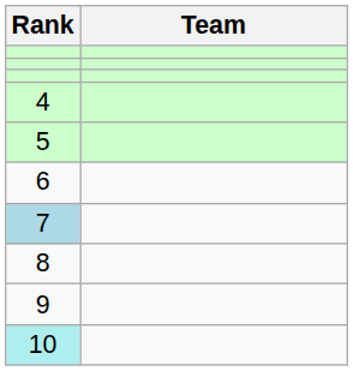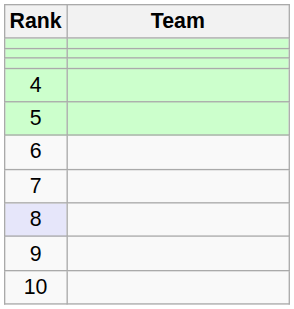 <table class=wikitable style="text-align:center;">
 <tr>
 <th>Rank</th>
 <th width=160>Team</th>
 </tr>
 <tr bgcolor=#CCFFCC>
 <td></td>
 <td align=left></td>
 </tr>
 <tr bgcolor=ccffcc>
 <td></td>
 <td align=left></td>
 </tr>
 <tr bgcolor=ccffcc>
 <td></td>
 <td align=left></td>
 </tr>
 <tr bgcolor=ccffcc>
 <td>4</td>
 <td align=left></td>
 </tr>
 <tr bgcolor=ccffcc>
 <td>5</td>
 <td align=left></td>
 </tr>
 <tr>
 <td>6</td>
 <td align=left></td>
 </tr>
 <tr>
-<td style="background: lightblue;">7</td>
+<td>7</td>
 <td align=left></td>
 </tr>
 <tr>
-<td>8</td>
+<td style="background: lavender;">8</td>
 <td align=left></td>
 </tr>
 <tr>
 <td>9</td>
 <td align=left></td>
 </tr>
 <tr>
-<td style="background: paleturquoise;">10</td>
+<td>10</td>
 <td align=left></td>
 </tr>
 </table>
